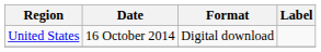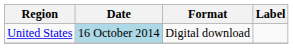 <table class=wikitable>
 <tr>
 <th>Region</th>
 <th>Date</th>
 <th>Format</th>
 <th>Label</th>
 </tr>
 <tr>
 <td><a href='#'>United States</a></td>
-<td>16 October 2014</td>
+<td style="background: lightblue;">16 October 2014</td>
 <td>Digital download</td>
 <td></td>
 </tr>
 <tr>
 </tr>
 </table>
